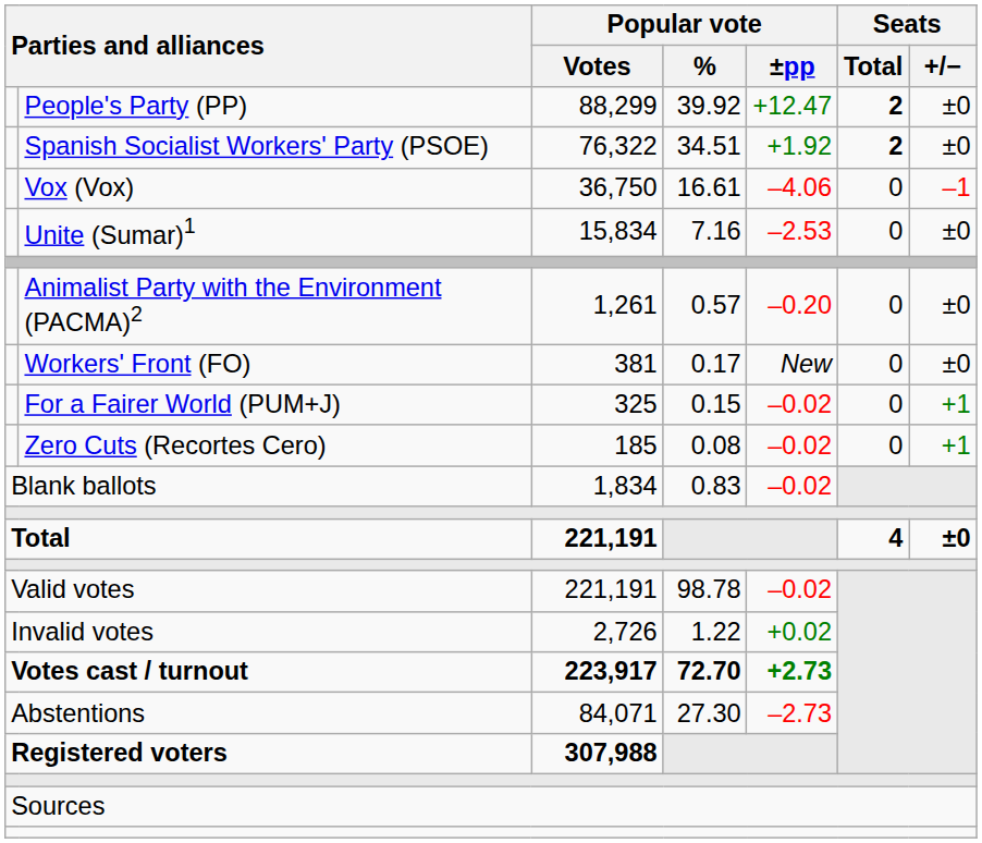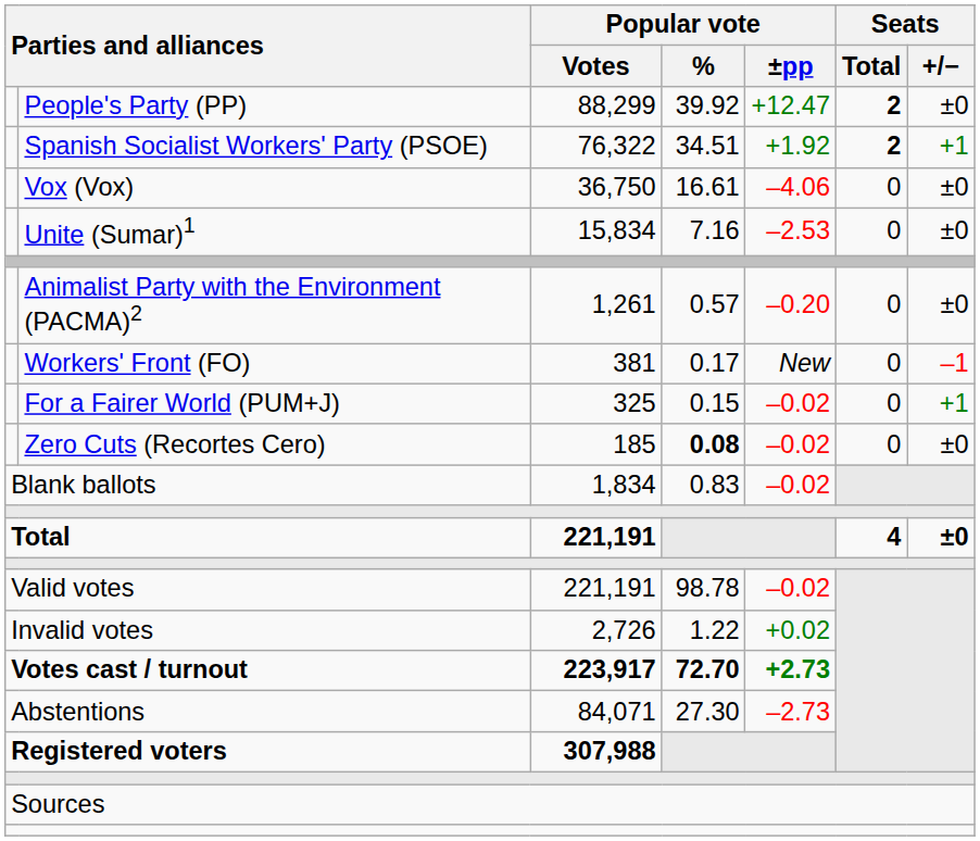 <table class="wikitable" style="text-align:right;">
 <tr>
 <th style="text-align:left;" rowspan="2" colspan="2" width="525">Parties and alliances</th>
 <th colspan="3">Popular vote</th>
 <th colspan="2">Seats</th>
 </tr>
 <tr>
 <th width="75">Votes</th>
 <th width="45">%</th>
 <th width="45">±<a href='#'>pp</a></th>
 <th width="35">Total</th>
 <th width="35">+/−</th>
 </tr>
 <tr>
 <td width="1" style="color:inherit;background:"></td>
 <td align="left"><a href='#'>People's Party</a> (PP)</td>
 <td>88,299</td>
 <td>39.92</td>
 <td style="color:green;">+12.47</td>
 <td><strong>2</strong></td>
 <td>±0</td>
 </tr>
 <tr>
 <td style="color:inherit;background:"></td>
 <td align="left"><a href='#'>Spanish Socialist Workers' Party</a> (PSOE)</td>
 <td>76,322</td>
 <td>34.51</td>
 <td style="color:green;">+1.92</td>
 <td><strong>2</strong></td>
-<td>±0</td>
+<td style="color:green;">+1</td>
 </tr>
 <tr>
 <td style="color:inherit;background:"></td>
 <td align="left"><a href='#'>Vox</a> (Vox)</td>
 <td>36,750</td>
 <td>16.61</td>
 <td style="color:red;">–4.06</td>
 <td>0</td>
-<td style="color:red;">–1</td>
+<td>±0</td>
 </tr>
 <tr>
 <td style="color:inherit;background:"></td>
 <td align="left"><a href='#'>Unite</a> (Sumar)<sup>1</sup></td>
 <td>15,834</td>
 <td>7.16</td>
 <td style="color:red;">–2.53</td>
 <td>0</td>
 <td>±0</td>
 </tr>
 <tr>
 <td colspan="7" bgcolor="#C0C0C0"></td>
 </tr>
 <tr>
 <td style="color:inherit;background:"></td>
 <td align="left"><a href='#'>Animalist Party with the Environment</a> (PACMA)<sup>2</sup></td>
 <td>1,261</td>
 <td>0.57</td>
 <td style="color:red;">–0.20</td>
 <td>0</td>
 <td>±0</td>
 </tr>
 <tr>
 <td style="color:inherit;background:"></td>
 <td align="left"><a href='#'>Workers' Front</a> (FO)</td>
 <td>381</td>
 <td>0.17</td>
 <td><em>New</em></td>
 <td>0</td>
-<td>±0</td>
+<td style="color:red;">–1</td>
 </tr>
 <tr>
 <td style="color:inherit;background:"></td>
 <td align="left"><a href='#'>For a Fairer World</a> (PUM+J)</td>
 <td>325</td>
 <td>0.15</td>
 <td style="color:red;">–0.02</td>
 <td>0</td>
 <td style="color:green;">+1</td>
 </tr>
 <tr>
 <td style="color:inherit;background:"></td>
 <td align="left"><a href='#'>Zero Cuts</a> (Recortes Cero)</td>
 <td>185</td>
-<td>0.08</td>
+<td><strong>0.08</strong></td>
 <td style="color:red;">–0.02</td>
 <td>0</td>
-<td style="color:green;">+1</td>
+<td>±0</td>
 </tr>
 <tr>
 <td align="left" colspan="2">Blank ballots</td>
 <td>1,834</td>
 <td>0.83</td>
 <td style="color:red;">–0.02</td>
 <td bgcolor="#E9E9E9" colspan="2"></td>
 </tr>
 <tr>
 <td colspan="7" bgcolor="#E9E9E9"></td>
 </tr>
 <tr style="font-weight:bold;">
 <td align="left" colspan="2">Total</td>
 <td>221,191</td>
 <td bgcolor="#E9E9E9" colspan="2"></td>
 <td>4</td>
 <td>±0</td>
 </tr>
 <tr>
 <td colspan="7" bgcolor="#E9E9E9"></td>
 </tr>
 <tr>
 <td align="left" colspan="2">Valid votes</td>
 <td>221,191</td>
 <td>98.78</td>
 <td style="color:red;">–0.02</td>
 <td bgcolor="#E9E9E9" colspan="2" rowspan="5"></td>
 </tr>
 <tr>
 <td align="left" colspan="2">Invalid votes</td>
 <td>2,726</td>
 <td>1.22</td>
 <td style="color:green;">+0.02</td>
 </tr>
 <tr style="font-weight:bold;">
 <td align="left" colspan="2">Votes cast / turnout</td>
 <td>223,917</td>
 <td>72.70</td>
 <td style="color:green;">+2.73</td>
 </tr>
 <tr>
 <td align="left" colspan="2">Abstentions</td>
 <td>84,071</td>
 <td>27.30</td>
 <td style="color:red;">–2.73</td>
 </tr>
 <tr style="font-weight:bold;">
 <td align="left" colspan="2">Registered voters</td>
 <td>307,988</td>
 <td bgcolor="#E9E9E9" colspan="2"></td>
 </tr>
 <tr>
 <td colspan="7" bgcolor="#E9E9E9"></td>
 </tr>
 <tr>
 <td align="left" colspan="7">Sources</td>
 </tr>
 <tr>
 <td colspan="7" style="text-align:left; max-width:790px;"></td>
 </tr>
 </table>
